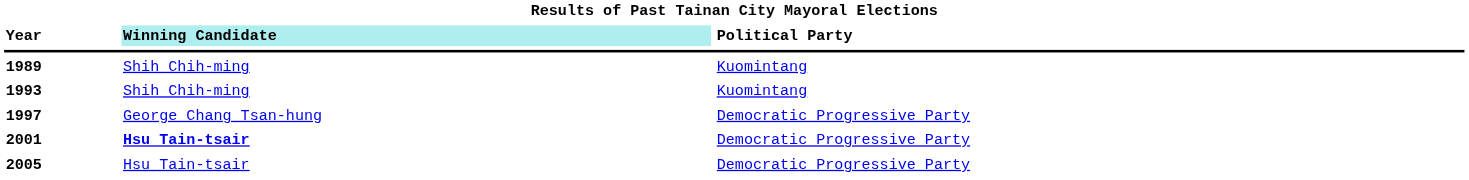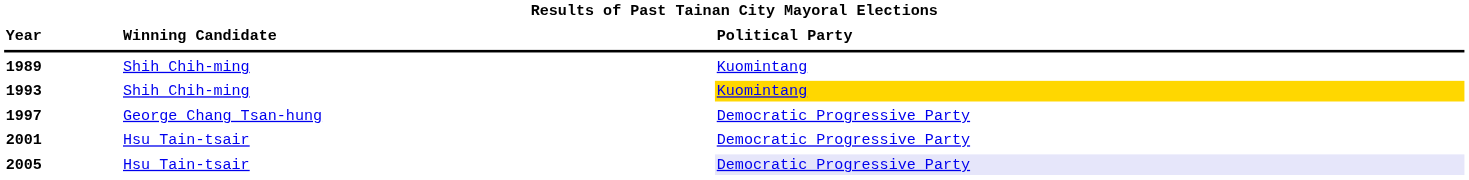 <table id="toc" style="margin:1em auto; width: 90%; font-size: 90%;" cellspacing="3">
 <tr>
 <td colspan="3" align="center"><strong>Results of Past Tainan City Mayoral Elections</strong></td>
 </tr>
 <tr>
 <td><strong>Year</strong></td>
-<td style="background: paleturquoise;"><strong> Winning Candidate</strong></td>
+<td><strong> Winning Candidate</strong></td>
 <td><strong>Political Party</strong></td>
 </tr>
 <tr>
 <th bgcolor="#000000" colspan="6"></th>
 </tr>
 <tr>
 <td><strong>1989</strong></td>
 <td><a href='#'>Shih Chih-ming</a></td>
 <td><a href='#'>Kuomintang</a></td>
 </tr>
 <tr>
 <td><strong>1993</strong></td>
 <td><a href='#'>Shih Chih-ming</a></td>
-<td><a href='#'>Kuomintang</a></td>
+<td style="background: gold;"><a href='#'>Kuomintang</a></td>
 </tr>
 <tr>
 <td><strong>1997</strong></td>
 <td><a href='#'>George Chang Tsan-hung</a></td>
 <td><a href='#'>Democratic Progressive Party</a></td>
 </tr>
 <tr>
 <td><strong>2001</strong></td>
-<td><strong><a href='#'>Hsu Tain-tsair</a></strong></td>
+<td><a href='#'>Hsu Tain-tsair</a></td>
 <td><a href='#'>Democratic Progressive Party</a></td>
 </tr>
 <tr>
 <td><strong>2005</strong></td>
 <td><a href='#'>Hsu Tain-tsair</a></td>
-<td><a href='#'>Democratic Progressive Party</a></td>
+<td style="background: lavender;"><a href='#'>Democratic Progressive Party</a></td>
 </tr>
 </table>
